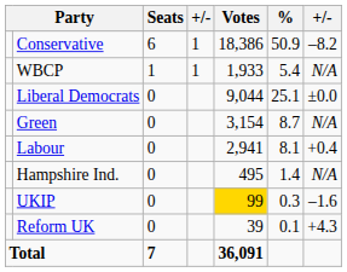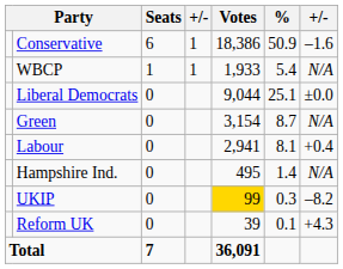 <table class="wikitable sortable">
 <tr>
 <th colspan="2">Party</th>
 <th>Seats</th>
 <th>+/-</th>
 <th>Votes</th>
 <th>%</th>
 <th>+/-</th>
 </tr>
 <tr>
 <td style="background-color: "></td>
 <td><a href='#'>Conservative</a></td>
 <td>6</td>
 <td> 1</td>
 <td style="text-align:right;">18,386</td>
 <td style="text-align:right;">50.9</td>
-<td style="text-align:right;">–8.2</td>
+<td style="text-align:right;">–1.6</td>
 </tr>
 <tr>
 <td style="background-color: "></td>
 <td>WBCP</td>
 <td>1</td>
 <td> 1</td>
 <td style="text-align:right;">1,933</td>
 <td style="text-align:right;">5.4</td>
 <td style="text-align:right;"><em>N/A</em></td>
 </tr>
 <tr>
 <td style="background-color: "></td>
 <td><a href='#'>Liberal Democrats</a></td>
 <td>0</td>
 <td></td>
 <td style="text-align:right;">9,044</td>
 <td style="text-align:right;">25.1</td>
 <td style="text-align:right;">±0.0</td>
 </tr>
 <tr>
 <td style="background-color: "></td>
 <td><a href='#'>Green</a></td>
 <td>0</td>
 <td></td>
 <td style="text-align:right;">3,154</td>
 <td style="text-align:right;">8.7</td>
 <td style="text-align:right;"><em>N/A</em></td>
 </tr>
 <tr>
 <td style="background-color: "></td>
 <td><a href='#'>Labour</a></td>
 <td>0</td>
 <td></td>
 <td style="text-align:right;">2,941</td>
 <td style="text-align:right;">8.1</td>
 <td style="text-align:right;">+0.4</td>
 </tr>
 <tr>
 <td style="background-color: "></td>
 <td>Hampshire Ind.</td>
 <td>0</td>
 <td></td>
 <td style="text-align:right;">495</td>
 <td style="text-align:right;">1.4</td>
 <td style="text-align:right;"><em>N/A</em></td>
 </tr>
 <tr>
 <td style="background-color: "></td>
 <td><a href='#'>UKIP</a></td>
 <td>0</td>
 <td></td>
 <td style="background: gold; text-align:right;">99</td>
 <td style="text-align:right;">0.3</td>
-<td style="text-align:right;">–1.6</td>
+<td style="text-align:right;">–8.2</td>
 </tr>
 <tr>
 <td style="background-color: "></td>
 <td><a href='#'>Reform UK</a></td>
 <td>0</td>
 <td></td>
 <td style="text-align:right;">39</td>
 <td style="text-align:right;">0.1</td>
 <td style="text-align:right;">+4.3</td>
 </tr>
 <tr>
 <td colspan="2"><strong>Total</strong></td>
 <td><strong>7</strong></td>
 <td></td>
 <td style="text-align:right;"><strong>36,091</strong></td>
 <td style="text-align:right;"></td>
 <td style="text-align:right;"></td>
 </tr>
 </table>
